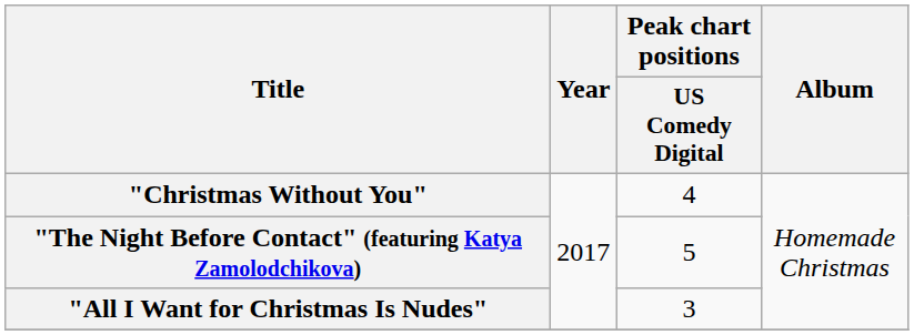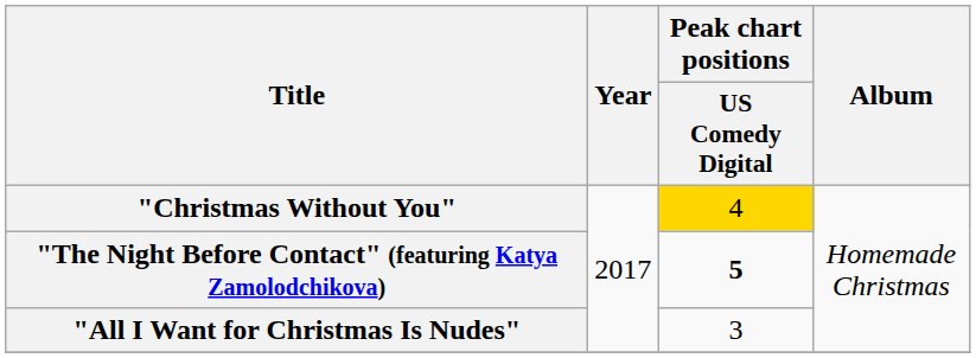 <table class="wikitable plainrowheaders" style="text-align:center;">
 <tr>
 <th rowspan="2" style="width:20em;">Title</th>
 <th rowspan="2" style="width:1em;">Year</th>
 <th colspan="1" style="width:5em;">Peak chart positions</th>
 <th rowspan="2" style="width:5em;">Album</th>
 </tr>
 <tr>
 <th scope="col" style="width:2em;font-size:90%;">US<br>Comedy<br>Digital<br></th>
 </tr>
 <tr>
 <th scope="row">"Christmas Without You"</th>
 <td rowspan="3">2017</td>
-<td>4</td>
+<td style="background: gold;">4</td>
 <td rowspan="3"><em>Homemade Christmas</em></td>
 </tr>
 <tr>
 <th scope="row">"The Night Before Contact" <small>(featuring <a href='#'>Katya Zamolodchikova</a>)</small></th>
-<td>5</td>
+<td><strong>5</strong></td>
 </tr>
 <tr>
 <th scope="row">"All I Want for Christmas Is Nudes"</th>
 <td>3</td>
 </tr>
 <tr>
 </tr>
 </table>
